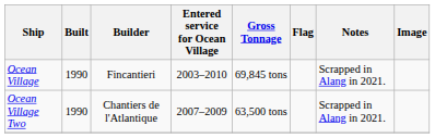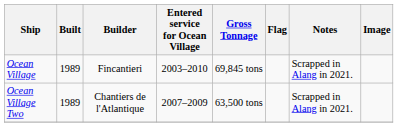 <table class="wikitable sortable">
 <tr>
 <th>Ship</th>
 <th>Built</th>
 <th>Builder</th>
 <th>Entered service <br>for Ocean Village</th>
 <th><a href='#'>Gross Tonnage</a></th>
 <th>Flag</th>
 <th>Notes</th>
 <th>Image</th>
 </tr>
 <tr>
 <td><em><a href='#'>Ocean Village</a></em></td>
-<td align="Center">1990</td>
+<td align="Center">1989</td>
 <td align="Center">Fincantieri</td>
 <td align="Center">2003–2010</td>
 <td align="Center">69,845 tons</td>
 <td align="Center"></td>
 <td align="Left">Scrapped in <a href='#'>Alang</a> in 2021.</td>
 <td></td>
 </tr>
 <tr>
 <td><em><a href='#'>Ocean Village Two</a></em></td>
-<td align="Center">1990</td>
+<td align="Center">1989</td>
 <td align="Center">Chantiers de l'Atlantique</td>
 <td align="Center">2007–2009</td>
 <td align="Center">63,500 tons</td>
 <td align="Center"></td>
 <td align="Left">Scrapped in <a href='#'>Alang</a> in 2021.</td>
 <td></td>
 </tr>
 <tr>
 </tr>
 </table>
